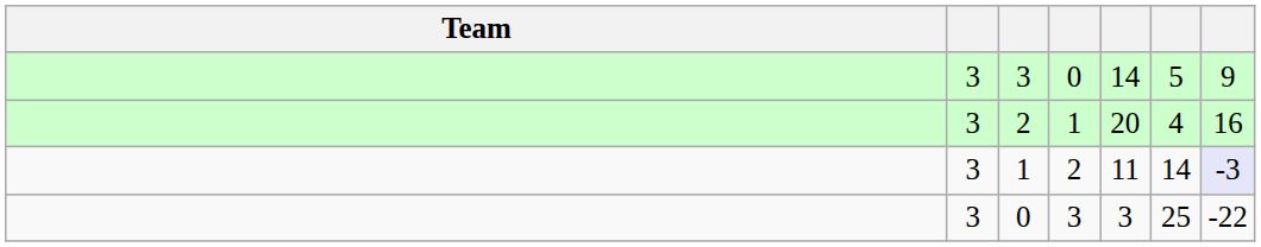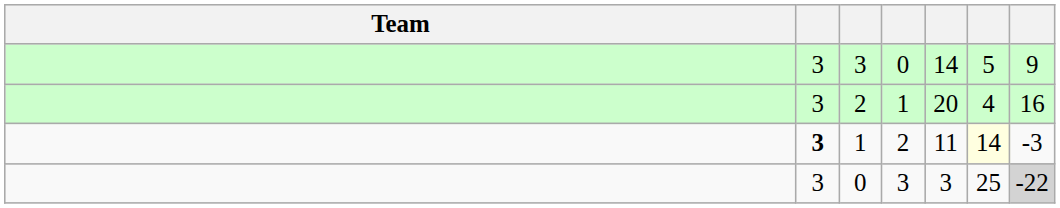 <table class=wikitable style="text-align:center">
 <tr>
 <th width=500>Team</th>
 <th width=20></th>
 <th width=20></th>
 <th width=20></th>
 <th width=20></th>
 <th width=20></th>
 <th width=20></th>
 </tr>
 <tr bgcolor=ccffcc>
 <td style="text-align:left"></td>
 <td>3</td>
 <td>3</td>
 <td>0</td>
 <td>14</td>
 <td>5</td>
 <td>9</td>
 </tr>
 <tr bgcolor=ccffcc>
 <td style="text-align:left"></td>
 <td>3</td>
 <td>2</td>
 <td>1</td>
 <td>20</td>
 <td>4</td>
 <td>16</td>
 </tr>
 <tr>
 <td style="text-align:left"></td>
-<td>3</td>
+<td><strong>3</strong></td>
 <td>1</td>
 <td>2</td>
 <td>11</td>
-<td>14</td>
-<td style="background: lavender;">-3</td>
+<td style="background: lightyellow;">14</td>
+<td>-3</td>
 </tr>
 <tr>
 <td style="text-align:left"></td>
 <td>3</td>
 <td>0</td>
 <td>3</td>
 <td>3</td>
 <td>25</td>
-<td>-22</td>
+<td style="background: lightgrey;">-22</td>
 </tr>
 </table>
